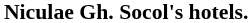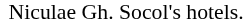 <table align="center" cellpadding=0px cellspacing=8px>
 <tr>
 <td></td>
 <td></td>
 <td></td>
 </tr>
 <tr>
-<td><strong><small>Niculae Gh. Socol's hotels.</small></strong></td>
+<td><small>Niculae Gh. Socol's hotels.</small></td>
 </tr>
 </table>
